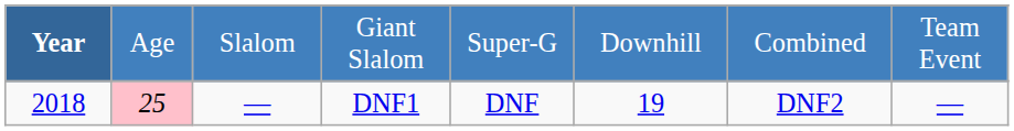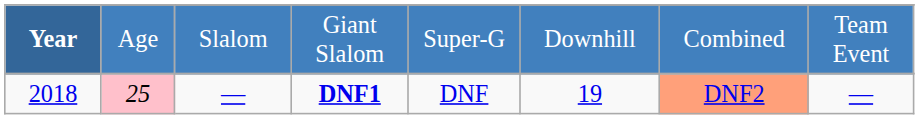 <table class="wikitable" style="font-size:95%; text-align:center; border:grey solid 1px; border-collapse:collapse;" width="45%">
 <tr style="background-color:#369; color:white;">
 <td rowspan="2" colspan="1" width="5%"><strong>Year</strong></td>
 </tr>
 <tr style="background-color:#4180be; color:white;">
 <td width="3%">Age</td>
 <td width="5%">Slalom</td>
 <td width="5%">Giant<br>Slalom</td>
 <td width="5%">Super-G</td>
 <td width="5%">Downhill</td>
 <td width="5%">Combined</td>
 <td width="5%">Team Event</td>
 </tr>
 <tr style="background-color:#8CB2D8; color:white;">
 </tr>
 <tr>
 <td><a href='#'>2018</a></td>
 <td style="background: pink;"><em>25</em></td>
 <td><a href='#'>—</a></td>
-<td><a href='#'>DNF1</a></td>
+<td><strong><a href='#'>DNF1</a></strong></td>
 <td><a href='#'>DNF</a></td>
 <td><a href='#'>19</a></td>
-<td><a href='#'>DNF2</a></td>
+<td style="background: lightsalmon;"><a href='#'>DNF2</a></td>
 <td><a href='#'>—</a></td>
 </tr>
 </table>
